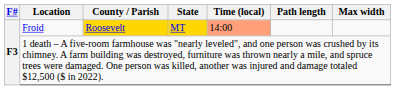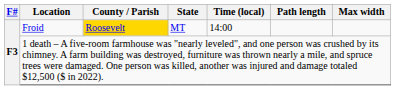 <table class="wikitable sortable" style="width:100%;">
 <tr>
 <th scope="col" align="center"><a href='#'>F#</a><br></th>
 <th scope="col" align="center" class="unsortable">Location</th>
 <th scope="col" align="center" class="unsortable">County / Parish</th>
 <th scope="col" align="center">State</th>
 <th scope="col" align="center">Time (local)</th>
 <th scope="col" align="center">Path length</th>
 <th scope="col" align="center">Max width</th>
 </tr>
 <tr>
 <th scope="row" rowspan="2" style="background-color:#">F3</th>
 <td><a href='#'>Froid</a></td>
 <td style="background: gold;"><a href='#'>Roosevelt</a></td>
-<td style="background: gold;"><a href='#'>MT</a></td>
-<td style="background: lightsalmon;">14:00</td>
+<td><a href='#'>MT</a></td>
+<td>14:00</td>
 <td></td>
 <td></td>
 </tr>
 <tr class="expand-child">
 <td colspan="6" style="border-bottom: 1px solid black;">1 death – A five-room farmhouse was "nearly leveled", and one person was crushed by its chimney. A farm building was destroyed, furniture was thrown nearly a mile, and spruce trees were damaged. One person was killed, another was injured and damage totaled $12,500 ($ in 2022).</td>
 </tr>
 </table>
